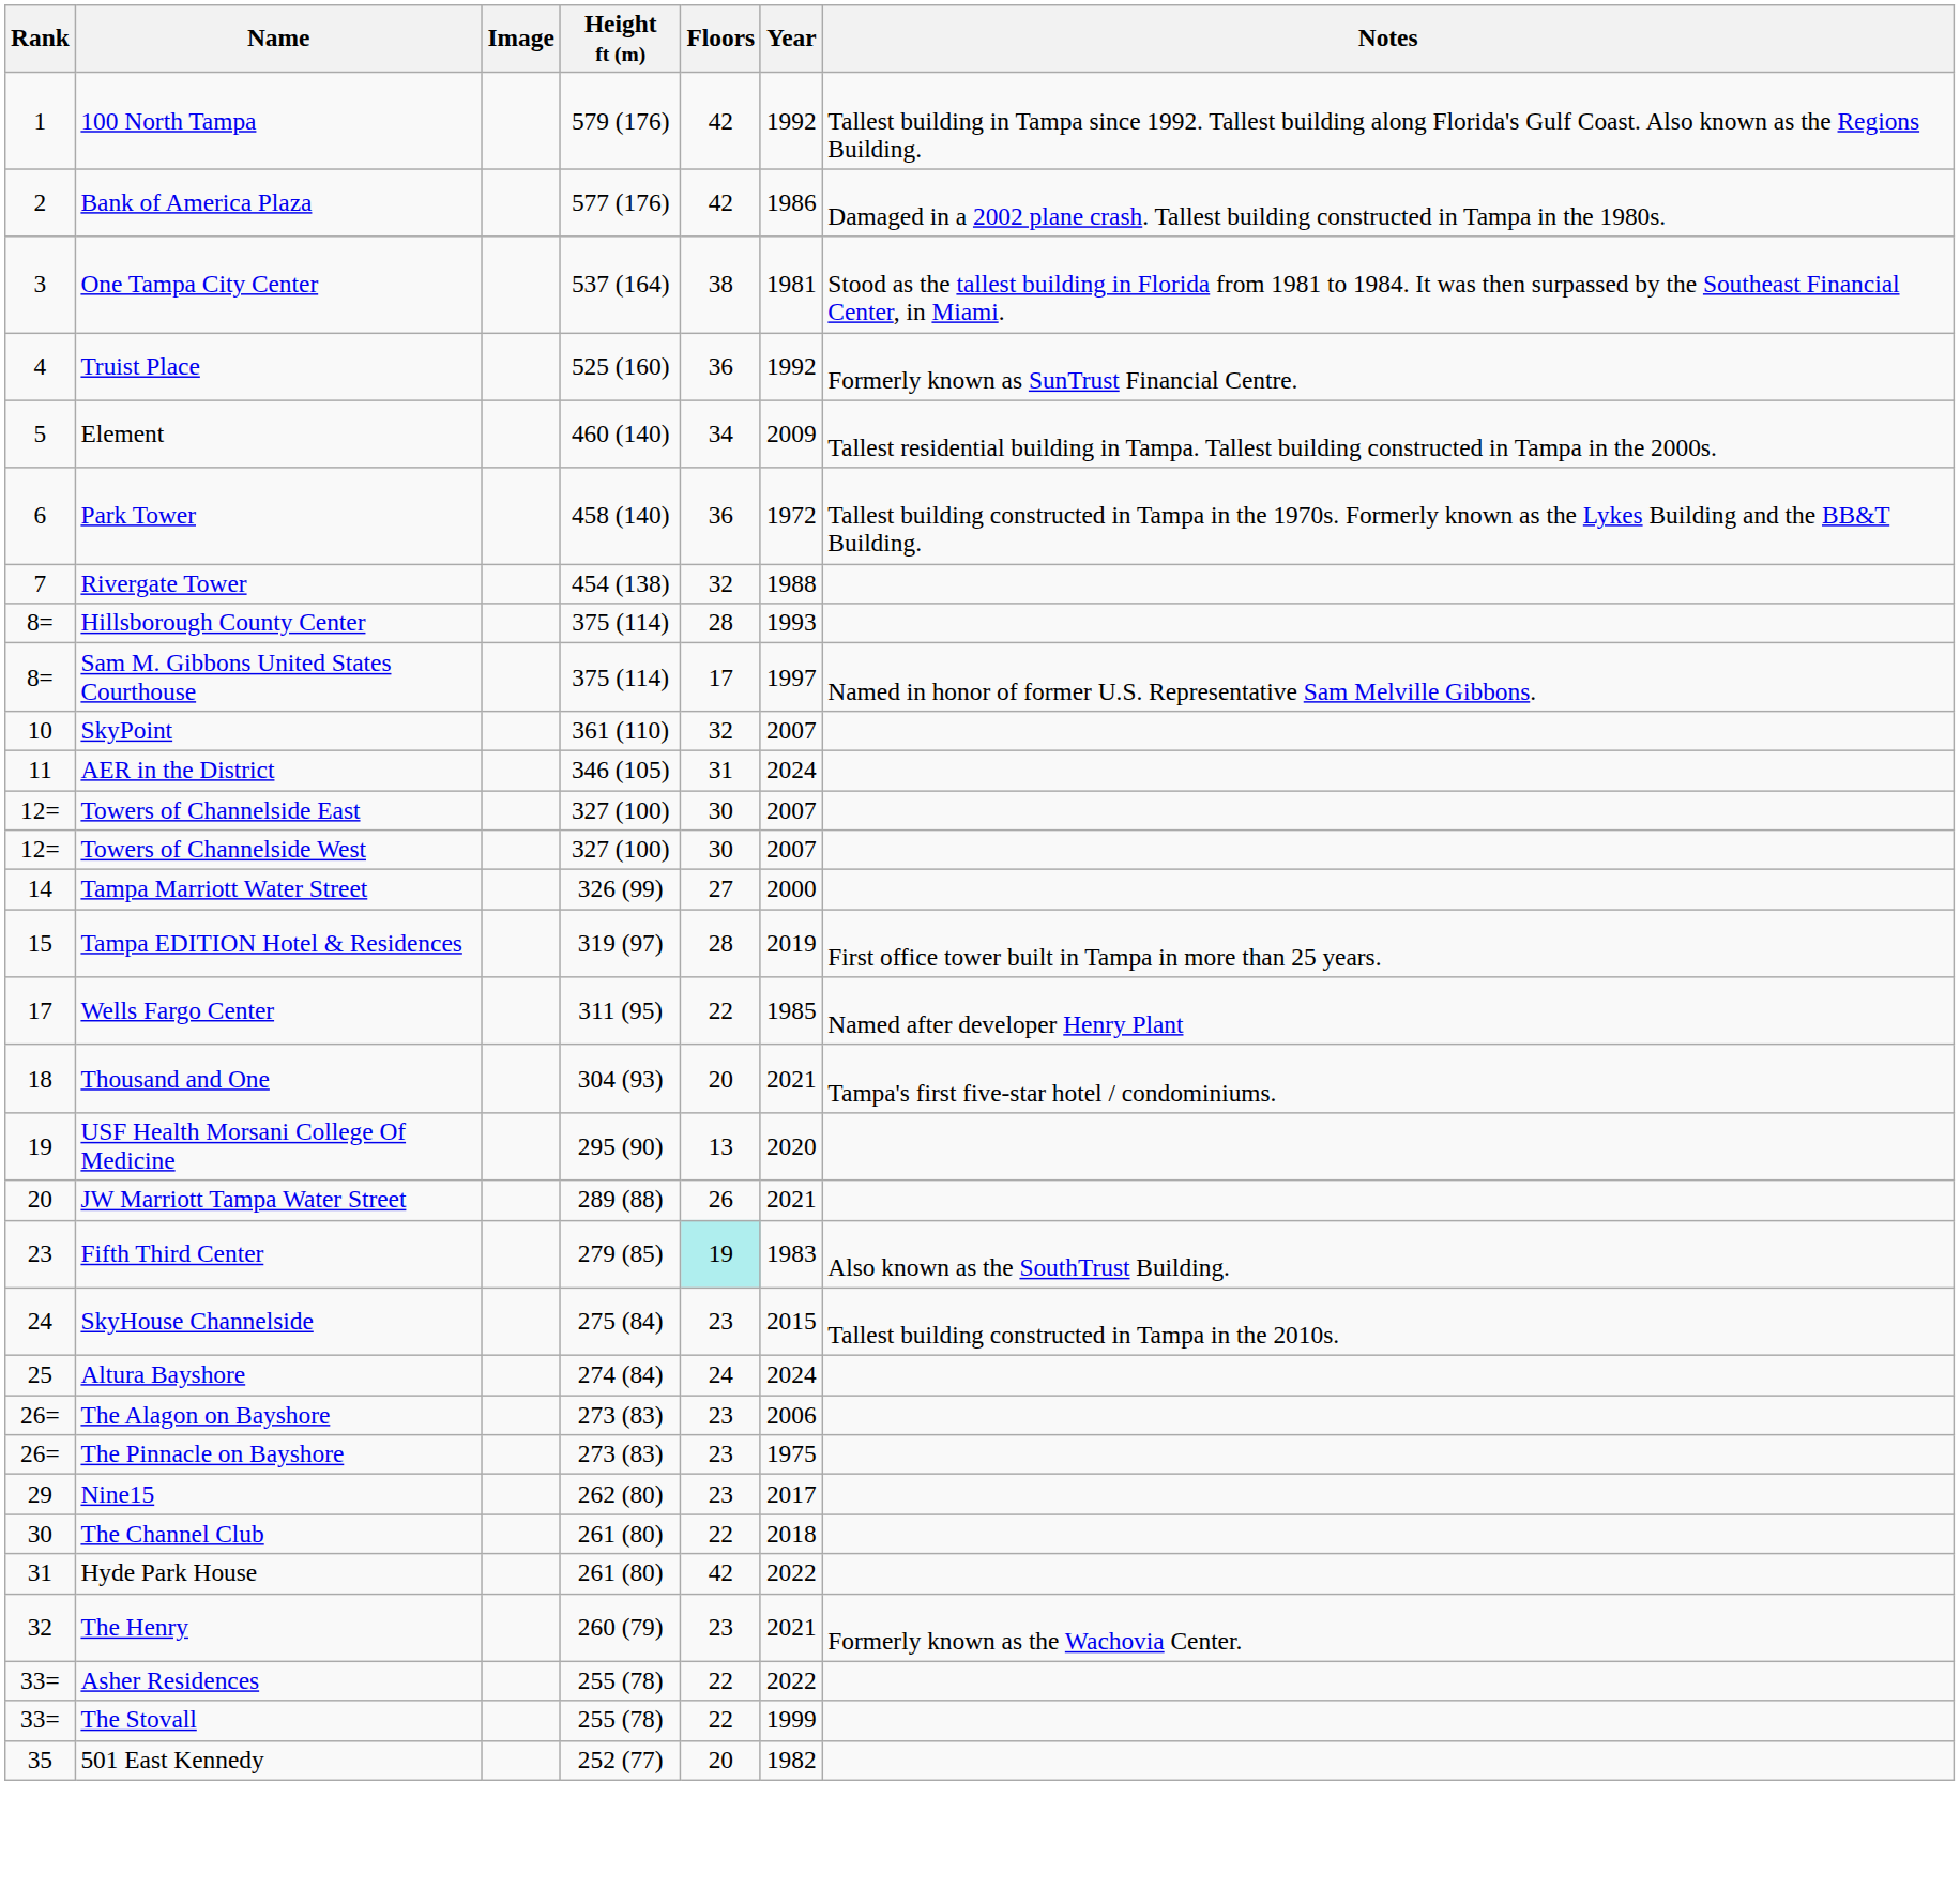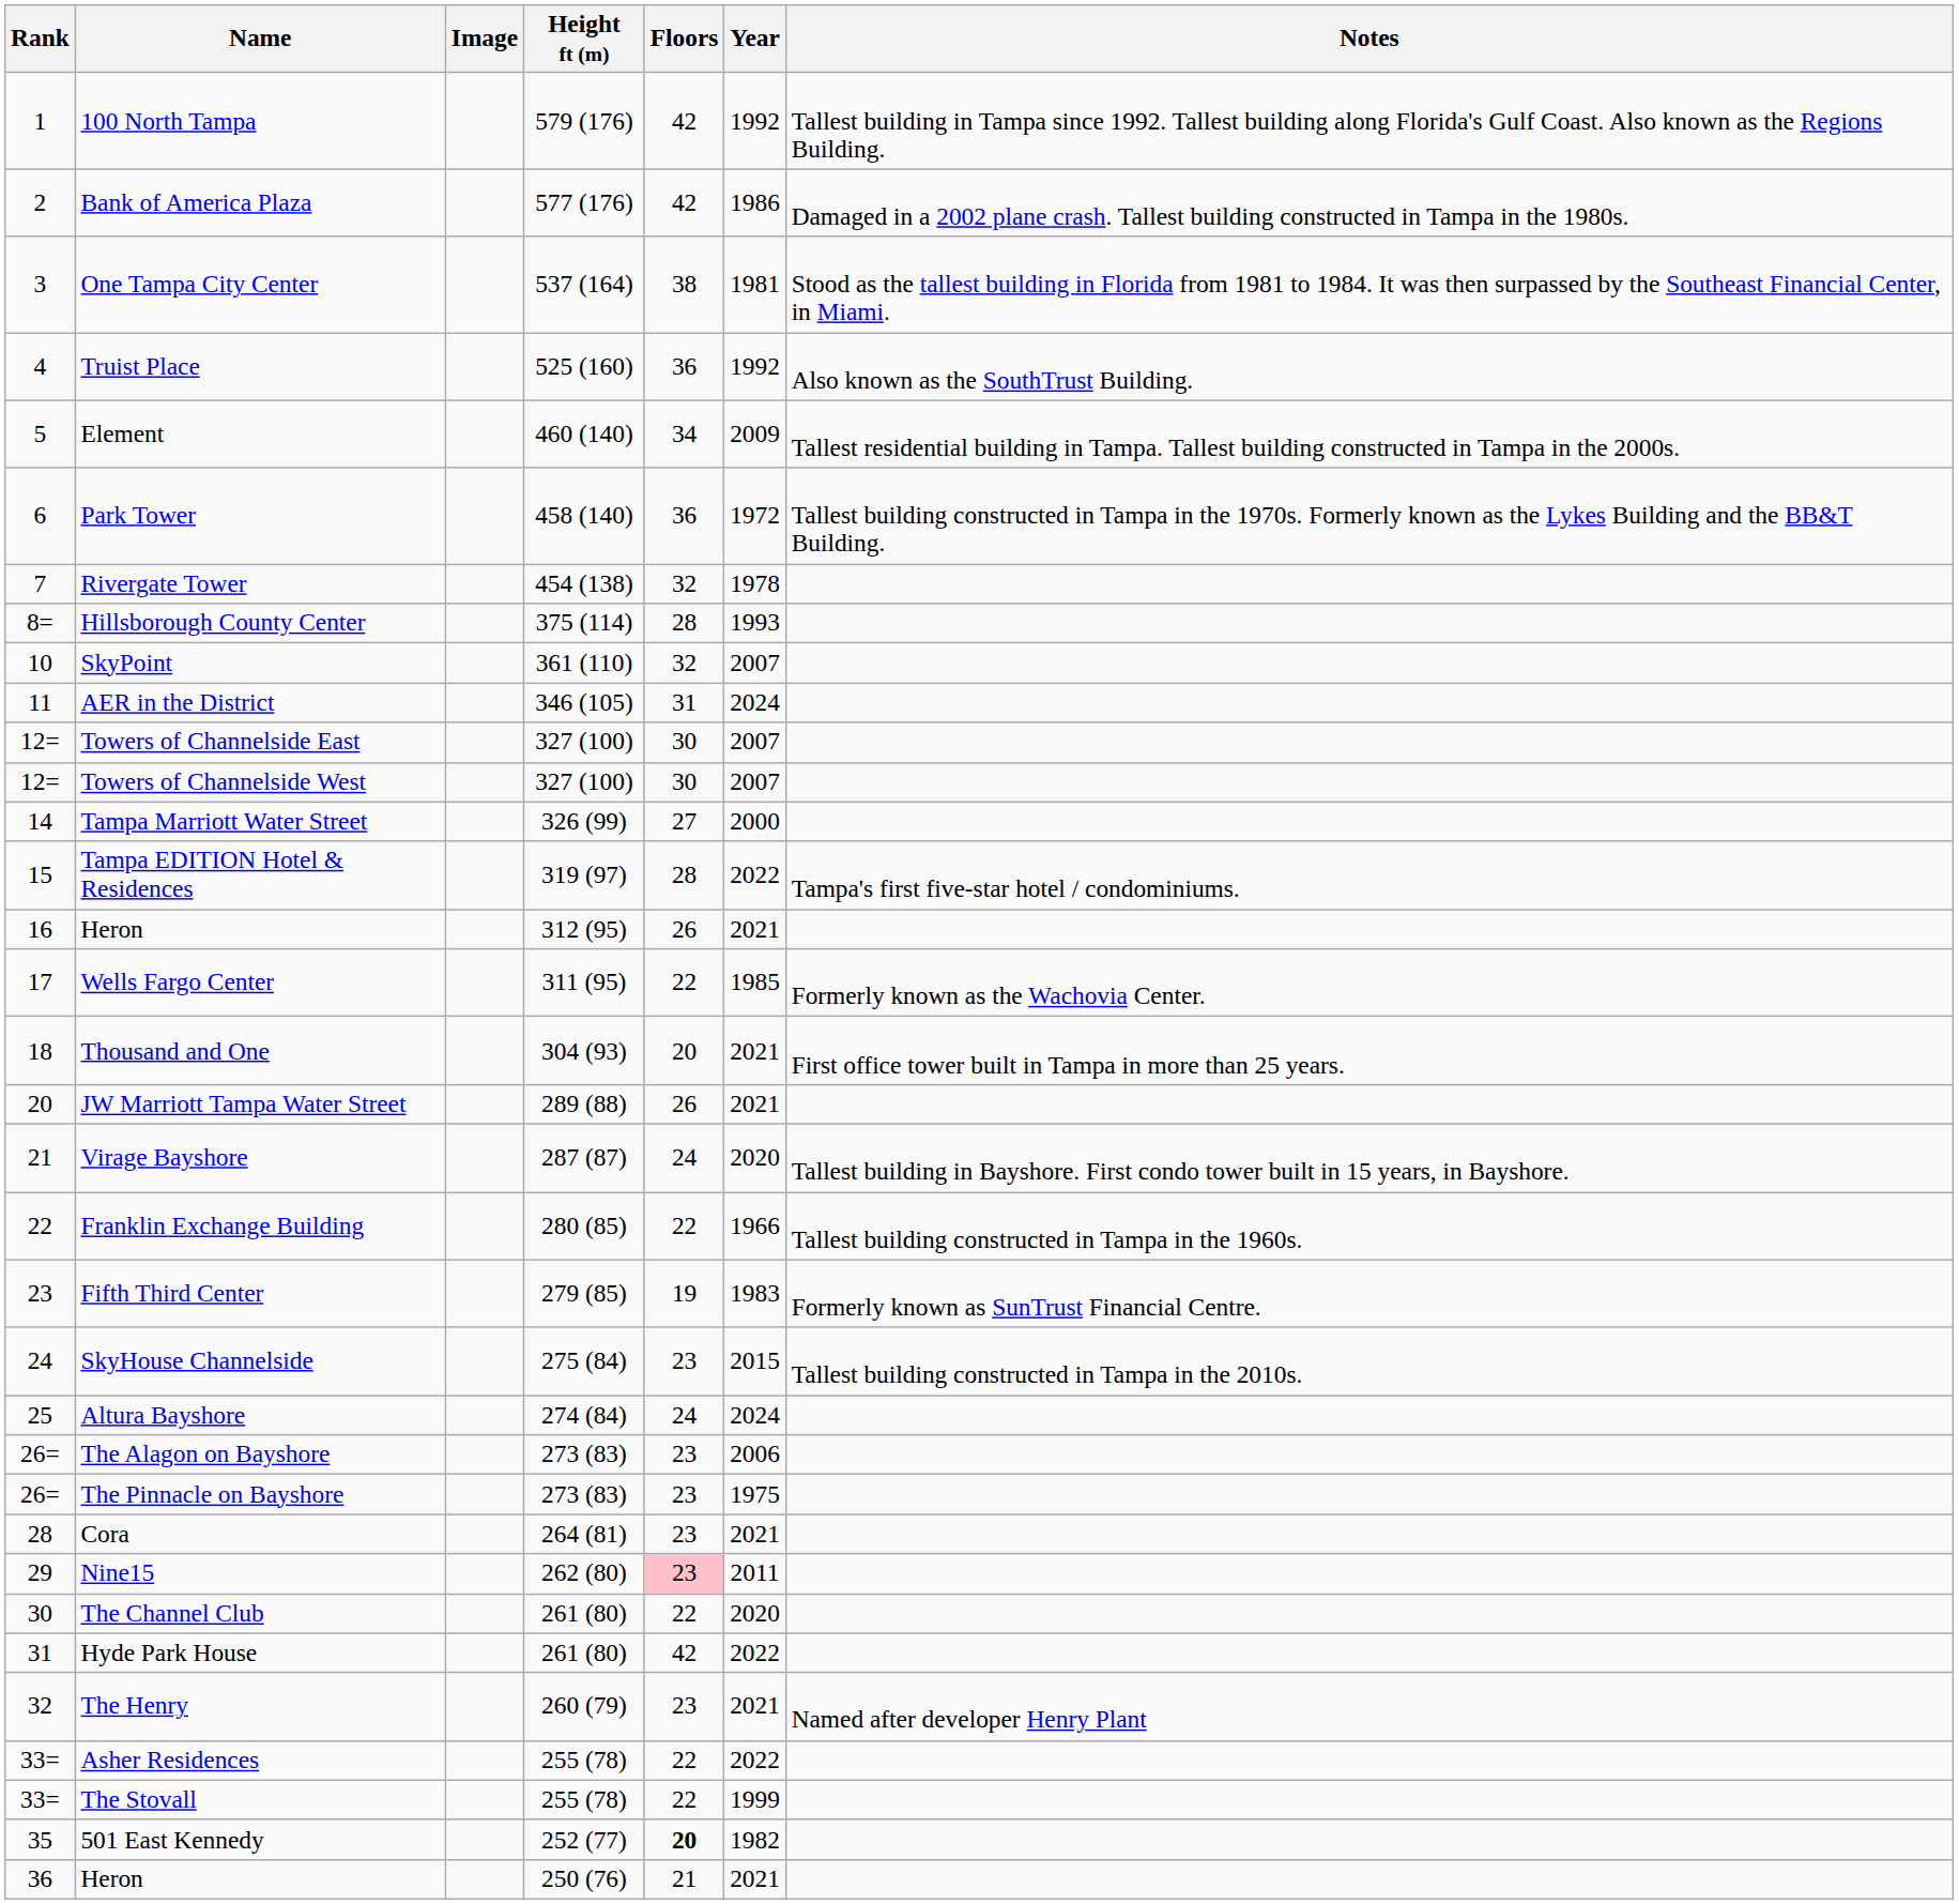 <table class="wikitable sortable" style="text-align:center;">
 <tr>
 <th scope=col>Rank</th>
 <th scope=col>Name</th>
 <th>Image</th>
 <th scope=col width="70px">Height<br><small>ft (m)</small></th>
 <th scope=col>Floors</th>
 <th scope=col>Year</th>
 <th scope=col class="unsortable">Notes</th>
 </tr>
 <tr>
 <td>1</td>
 <td align=left><a href='#'>100 North Tampa</a></td>
 <td></td>
 <td>579 (176)</td>
 <td>42</td>
 <td>1992</td>
 <td align=left><br>Tallest building in Tampa since 1992. Tallest building along Florida's Gulf Coast.    Also known as the <a href='#'>Regions</a> Building.</td>
 </tr>
 <tr>
 <td>2</td>
 <td align=left><a href='#'>Bank of America Plaza</a></td>
 <td></td>
 <td>577 (176)</td>
 <td>42</td>
 <td>1986</td>
 <td align=left><br>Damaged in a <a href='#'>2002 plane crash</a>. Tallest building constructed in Tampa in the 1980s.</td>
 </tr>
 <tr>
 <td>3</td>
 <td align=left><a href='#'>One Tampa City Center</a></td>
 <td></td>
 <td>537 (164)</td>
 <td>38</td>
 <td>1981</td>
 <td align=left><br>Stood as the <a href='#'>tallest building in Florida</a> from 1981 to 1984. It was then surpassed by the <a href='#'>Southeast Financial Center</a>, in <a href='#'>Miami</a>.</td>
 </tr>
 <tr>
 <td>4</td>
 <td align=left><a href='#'>Truist Place</a></td>
 <td></td>
 <td>525 (160)</td>
 <td>36</td>
 <td>1992</td>
-<td align=left><br>Formerly known as <a href='#'>SunTrust</a> Financial Centre.</td>
+<td align="left"><br>Also known as the <a href='#'>SouthTrust</a> Building.</td>
 </tr>
 <tr>
 <td>5</td>
 <td align=left>Element</td>
 <td></td>
 <td>460 (140)</td>
 <td>34</td>
 <td>2009</td>
 <td align=left><br>Tallest residential building in Tampa. Tallest building constructed in Tampa in the 2000s.</td>
 </tr>
 <tr>
 <td>6</td>
 <td align=left><a href='#'>Park Tower</a></td>
 <td></td>
 <td>458 (140)</td>
 <td>36</td>
 <td>1972</td>
 <td align=left><br>Tallest building constructed in Tampa in the 1970s. Formerly known as the <a href='#'>Lykes</a> Building and the <a href='#'>BB&T</a> Building.</td>
 </tr>
 <tr>
 <td>7</td>
 <td align=left><a href='#'>Rivergate Tower</a></td>
 <td></td>
 <td>454 (138)</td>
 <td>32</td>
-<td>1988</td>
+<td>1978</td>
 <td></td>
 </tr>
 <tr>
 <td>8=</td>
 <td align=left><a href='#'>Hillsborough County Center</a></td>
 <td></td>
 <td>375 (114)</td>
 <td>28</td>
 <td>1993</td>
 <td></td>
-</tr>
-<tr>
-<td>8=</td>
-<td align=left><a href='#'>Sam M. Gibbons United States Courthouse</a></td>
-<td></td>
-<td>375 (114)</td>
-<td>17</td>
-<td>1997</td>
-<td align=left><br>Named in honor of former U.S. Representative <a href='#'>Sam Melville Gibbons</a>.</td>
 </tr>
 <tr>
 <td>10</td>
 <td align=left><a href='#'>SkyPoint</a></td>
 <td></td>
 <td>361 (110)</td>
 <td>32</td>
 <td>2007</td>
 <td></td>
 </tr>
 <tr>
 <td>11</td>
 <td align=left><a href='#'>AER in the District</a></td>
 <td></td>
 <td>346 (105)</td>
 <td>31</td>
 <td>2024</td>
 <td></td>
 </tr>
 <tr>
 <td>12=</td>
 <td align="left"><a href='#'>Towers of Channelside East</a></td>
 <td></td>
 <td>327 (100)</td>
 <td>30</td>
 <td>2007</td>
 <td></td>
 </tr>
 <tr>
 <td>12=</td>
 <td align="left"><a href='#'>Towers of Channelside West</a></td>
 <td></td>
 <td>327 (100)</td>
 <td>30</td>
 <td>2007</td>
 <td></td>
 </tr>
 <tr>
 <td>14</td>
 <td align="left"><a href='#'>Tampa Marriott Water Street</a></td>
 <td></td>
 <td>326 (99)</td>
 <td>27</td>
 <td>2000</td>
 <td></td>
 </tr>
 <tr>
 <td>15</td>
 <td align="left"><a href='#'>Tampa EDITION Hotel & Residences</a></td>
 <td></td>
 <td>319 (97)</td>
 <td>28</td>
-<td>2019</td>
-<td align="left"><br>First office tower built in Tampa in more than 25 years.</td>
+<td>2022</td>
+<td align="left"><br>Tampa's first five-star hotel / condominiums.</td>
+</tr>
+<tr>
+<td>16</td>
+<td align="left">Heron</td>
+<td></td>
+<td>312 (95)</td>
+<td>26</td>
+<td>2021</td>
+<td></td>
 </tr>
 <tr>
 <td>17</td>
 <td align="left"><a href='#'>Wells Fargo Center</a></td>
 <td></td>
 <td>311 (95)</td>
 <td>22</td>
 <td>1985</td>
-<td align="left"><br>Named after developer <a href='#'>Henry Plant</a></td>
+<td align="left"><br>Formerly known as the <a href='#'>Wachovia</a> Center.</td>
 </tr>
 <tr>
 <td>18</td>
 <td align="left"><a href='#'>Thousand and One</a></td>
 <td></td>
 <td>304 (93)</td>
 <td>20</td>
 <td>2021</td>
-<td align="left"><br>Tampa's first five-star hotel / condominiums.</td>
-</tr>
-<tr>
-<td>19</td>
-<td align="left"><a href='#'>USF Health Morsani College Of Medicine</a></td>
-<td></td>
-<td>295 (90)</td>
-<td>13</td>
-<td>2020</td>
-<td></td>
+<td align="left"><br>First office tower built in Tampa in more than 25 years.</td>
 </tr>
 <tr>
 <td>20</td>
 <td align="left"><a href='#'>JW Marriott Tampa Water Street</a></td>
 <td></td>
 <td>289 (88)</td>
 <td>26</td>
 <td>2021</td>
 <td></td>
 </tr>
 <tr>
+<td>21</td>
+<td align="left"><a href='#'>Virage Bayshore</a></td>
+<td></td>
+<td>287 (87)</td>
+<td>24</td>
+<td>2020</td>
+<td align="left"><br>Tallest building in Bayshore. First condo tower built in 15 years, in Bayshore.</td>
+</tr>
+<tr>
+<td>22</td>
+<td align="left"><a href='#'>Franklin Exchange Building</a></td>
+<td></td>
+<td>280 (85)</td>
+<td>22</td>
+<td>1966</td>
+<td align="left"><br>Tallest building constructed in Tampa in the 1960s.</td>
+</tr>
+<tr>
 <td>23</td>
 <td align="left"><a href='#'>Fifth Third Center</a></td>
 <td></td>
 <td>279 (85)</td>
-<td style="background: paleturquoise;">19</td>
+<td>19</td>
 <td>1983</td>
-<td align="left"><br>Also known as the <a href='#'>SouthTrust</a> Building.</td>
+<td align=left><br>Formerly known as <a href='#'>SunTrust</a> Financial Centre.</td>
 </tr>
 <tr>
 <td>24</td>
 <td align="left"><a href='#'>SkyHouse Channelside</a></td>
 <td></td>
 <td>275 (84)</td>
 <td>23</td>
 <td>2015</td>
 <td align="left"><br>Tallest building constructed in Tampa in the 2010s.</td>
 </tr>
 <tr>
 <td>25</td>
 <td align="left"><a href='#'>Altura Bayshore</a></td>
 <td></td>
 <td>274 (84)</td>
 <td>24</td>
 <td>2024</td>
 </tr>
 <tr>
 <td>26=</td>
 <td align="left"><a href='#'>The Alagon on Bayshore</a></td>
 <td></td>
 <td>273 (83)</td>
 <td>23</td>
 <td>2006</td>
 <td></td>
 </tr>
 <tr>
 <td>26=</td>
 <td align="left"><a href='#'>The Pinnacle on Bayshore</a></td>
 <td></td>
 <td>273 (83)</td>
 <td>23</td>
 <td>1975</td>
 <td></td>
 </tr>
 <tr>
+<td>28</td>
+<td align="left">Cora</td>
+<td></td>
+<td>264 (81)</td>
+<td>23</td>
+<td>2021</td>
+<td></td>
+</tr>
+<tr>
 <td>29</td>
 <td align="left"><a href='#'>Nine15</a></td>
 <td></td>
 <td>262 (80)</td>
-<td>23</td>
-<td>2017</td>
+<td style="background: pink;">23</td>
+<td>2011</td>
 <td></td>
 </tr>
 <tr>
 <td>30</td>
 <td align="left"><a href='#'>The Channel Club</a></td>
 <td></td>
 <td>261 (80)</td>
 <td>22</td>
-<td>2018</td>
+<td>2020</td>
 <td></td>
 </tr>
 <tr>
 <td>31</td>
 <td align="left">Hyde Park House</td>
 <td></td>
 <td>261 (80)</td>
 <td>42</td>
 <td>2022</td>
 <td></td>
 </tr>
 <tr>
 <td>32</td>
 <td align="left"><a href='#'>The Henry</a></td>
 <td></td>
 <td>260 (79)</td>
 <td>23</td>
 <td>2021</td>
-<td align="left"><br>Formerly known as the <a href='#'>Wachovia</a> Center.</td>
+<td align="left"><br>Named after developer <a href='#'>Henry Plant</a></td>
 </tr>
 <tr>
 <td>33=</td>
 <td align="left"><a href='#'>Asher Residences</a></td>
 <td></td>
 <td>255 (78)</td>
 <td>22</td>
 <td>2022</td>
 <td></td>
 </tr>
 <tr>
 <td>33=</td>
 <td align="left"><a href='#'>The Stovall</a></td>
 <td></td>
 <td>255 (78)</td>
 <td>22</td>
 <td>1999</td>
 <td></td>
 </tr>
 <tr>
 <td>35</td>
 <td align="left">501 East Kennedy</td>
 <td></td>
 <td>252 (77)</td>
-<td>20</td>
+<td><strong>20</strong></td>
 <td>1982</td>
 <td></td>
 </tr>
+<tr>
+<td>36</td>
+<td align="left">Heron</td>
+<td></td>
+<td>250 (76)</td>
+<td>21</td>
+<td>2021</td>
+<td></td>
+</tr>
 </table>
